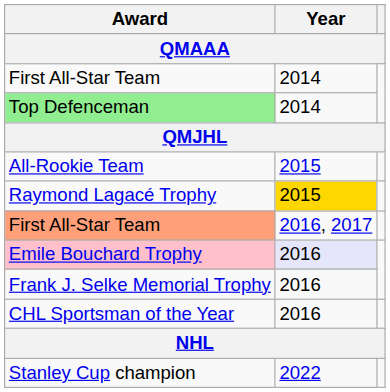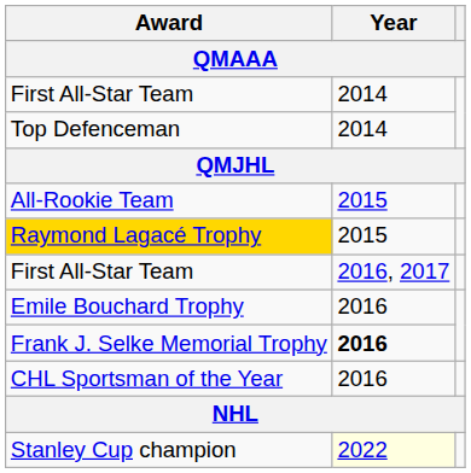 <table class="wikitable">
 <tr>
 <th>Award</th>
 <th>Year</th>
 <th></th>
 </tr>
 <tr ALIGN="center" bgcolor="#e0e0e0">
 <th colspan="3"><a href='#'>QMAAA</a></th>
 </tr>
 <tr>
 <td>First All-Star Team</td>
 <td>2014</td>
 <td rowspan="2"></td>
 </tr>
 <tr>
-<td style="background: lightgreen;">Top Defenceman</td>
+<td>Top Defenceman</td>
 <td>2014</td>
 </tr>
 <tr ALIGN="center" bgcolor="#e0e0e0">
 <th colspan="3"><a href='#'>QMJHL</a></th>
 </tr>
 <tr>
 <td><a href='#'>All-Rookie Team</a></td>
 <td><a href='#'>2015</a></td>
 <td></td>
 </tr>
 <tr>
-<td><a href='#'>Raymond Lagacé Trophy</a></td>
-<td style="background: gold;">2015</td>
+<td style="background: gold;"><a href='#'>Raymond Lagacé Trophy</a></td>
+<td>2015</td>
 <td></td>
 </tr>
 <tr>
-<td style="background: lightsalmon;">First All-Star Team</td>
+<td>First All-Star Team</td>
 <td><a href='#'>2016</a>, <a href='#'>2017</a></td>
 <td></td>
 </tr>
 <tr>
-<td style="background: pink;"><a href='#'>Emile Bouchard Trophy</a></td>
-<td style="background: lavender;">2016</td>
+<td><a href='#'>Emile Bouchard Trophy</a></td>
+<td>2016</td>
 <td rowspan="2"></td>
 </tr>
 <tr>
 <td><a href='#'>Frank J. Selke Memorial Trophy</a></td>
-<td>2016</td>
+<td><strong>2016</strong></td>
 </tr>
 <tr>
 <td><a href='#'>CHL Sportsman of the Year</a></td>
 <td>2016</td>
 <td></td>
 </tr>
 <tr>
 <th colspan="3"><a href='#'>NHL</a></th>
 </tr>
 <tr>
 <td><a href='#'>Stanley Cup</a> champion</td>
-<td><a href='#'>2022</a></td>
+<td style="background: lightyellow;"><a href='#'>2022</a></td>
 <td></td>
 </tr>
 </table>
